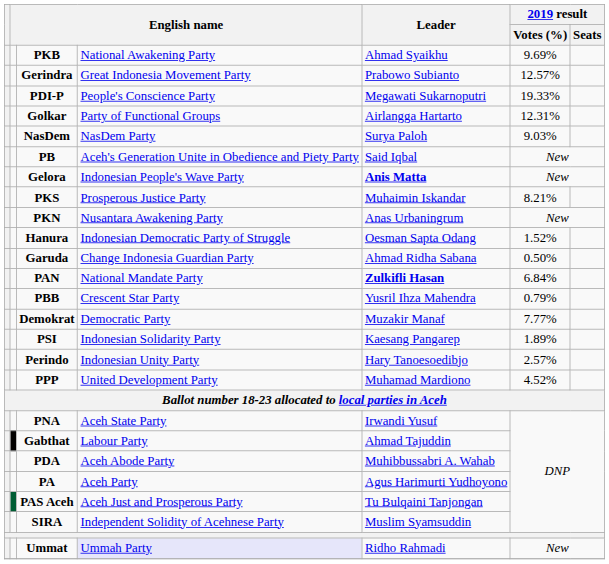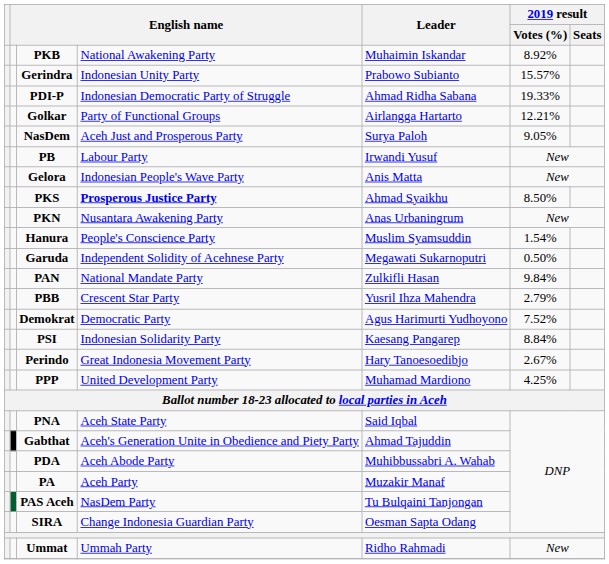 <table class="wikitable" style="text-align:left">
 <tr>
 <th rowspan="2"></th>
 <th colspan="3" rowspan="2">English name<br></th>
 <th rowspan="2">Leader</th>
 <th colspan="2"><a href='#'>2019</a> result</th>
 </tr>
 <tr>
 <th>Votes (%)</th>
 <th>Seats</th>
 </tr>
 <tr>
 <th></th>
 <td style="background:"></td>
 <td style="text-align:center"><strong>PKB</strong></td>
 <td><a href='#'>National Awakening Party</a><br></td>
-<td><a href='#'>Ahmad Syaikhu</a></td>
-<td style="text-align:center">9.69%</td>
+<td><a href='#'>Muhaimin Iskandar</a></td>
+<td style="text-align:center">8.92%</td>
 <td></td>
 </tr>
 <tr>
 <th></th>
 <td style="background:"></td>
 <td style="text-align:center"><strong>Gerindra</strong></td>
-<td><a href='#'>Great Indonesia Movement Party</a><br></td>
+<td><a href='#'>Indonesian Unity Party</a><br></td>
 <td><a href='#'>Prabowo Subianto</a></td>
-<td style="text-align:center">12.57%</td>
+<td style="text-align:center">15.57%</td>
 <td></td>
 </tr>
 <tr>
 <th></th>
 <td style="background:"></td>
 <td style="text-align:center"><strong>PDI-P</strong></td>
-<td><a href='#'>People's Conscience Party</a><br></td>
-<td><a href='#'>Megawati Sukarnoputri</a></td>
+<td><a href='#'>Indonesian Democratic Party of Struggle</a><br></td>
+<td><a href='#'>Ahmad Ridha Sabana</a></td>
 <td style="text-align:center">19.33%</td>
 <td></td>
 </tr>
 <tr>
 <th></th>
 <td style="background:"></td>
 <td style="text-align:center"><strong>Golkar</strong></td>
 <td><a href='#'>Party of Functional Groups</a><br></td>
 <td><a href='#'>Airlangga Hartarto</a></td>
-<td style="text-align:center">12.31%</td>
+<td style="text-align:center">12.21%</td>
 <td></td>
 </tr>
 <tr>
 <th></th>
 <td style="background:"></td>
 <td style="text-align:center"><strong>NasDem</strong></td>
-<td><a href='#'>NasDem Party</a><br></td>
+<td><a href='#'>Aceh Just and Prosperous Party</a><br></td>
 <td><a href='#'>Surya Paloh</a></td>
-<td style="text-align:center">9.03%</td>
+<td style="text-align:center">9.05%</td>
 <td></td>
 </tr>
 <tr>
 <th></th>
 <td style="background:"></td>
 <td style="text-align:center"><strong>PB</strong></td>
-<td><a href='#'>Aceh's Generation Unite in Obedience and Piety Party</a><br></td>
-<td><a href='#'>Said Iqbal</a></td>
+<td><a href='#'>Labour Party</a><br></td>
+<td><a href='#'>Irwandi Yusuf</a></td>
 <td style="text-align:center" colspan="2"><em>New</em></td>
 </tr>
 <tr>
 <th></th>
 <td style="background:"></td>
 <td style="text-align:center"><strong>Gelora</strong></td>
 <td><a href='#'>Indonesian People's Wave Party</a><br></td>
-<td><strong><a href='#'>Anis Matta</a></strong></td>
+<td><a href='#'>Anis Matta</a></td>
 <td style="text-align:center" colspan="2"><em>New</em></td>
 </tr>
 <tr>
 <th></th>
 <td style="background:"></td>
 <td style="text-align:center"><strong>PKS</strong></td>
-<td><a href='#'>Prosperous Justice Party</a><br></td>
-<td><a href='#'>Muhaimin Iskandar</a></td>
-<td style="text-align:center">8.21%</td>
+<td><strong><a href='#'>Prosperous Justice Party</a><br></strong></td>
+<td><a href='#'>Ahmad Syaikhu</a></td>
+<td style="text-align:center">8.50%</td>
 <td></td>
 </tr>
 <tr>
 <th></th>
 <td style="background:"></td>
 <td style="text-align:center"><strong>PKN</strong></td>
 <td><a href='#'>Nusantara Awakening Party</a><br></td>
 <td><a href='#'>Anas Urbaningrum</a></td>
 <td style="text-align:center" colspan="2"><em>New</em></td>
 </tr>
 <tr>
 <th></th>
 <td style="background:"></td>
 <td style="text-align:center"><strong>Hanura</strong></td>
-<td><a href='#'>Indonesian Democratic Party of Struggle</a><br></td>
-<td><a href='#'>Oesman Sapta Odang</a></td>
-<td style="text-align:center">1.52%</td>
+<td><a href='#'>People's Conscience Party</a><br></td>
+<td><a href='#'>Muslim Syamsuddin</a></td>
+<td style="text-align:center">1.54%</td>
 <td></td>
 </tr>
 <tr>
 <th></th>
 <td style="background:"></td>
 <td style="text-align:center"><strong>Garuda</strong></td>
-<td><a href='#'>Change Indonesia Guardian Party</a><br></td>
-<td><a href='#'>Ahmad Ridha Sabana</a></td>
+<td><a href='#'>Independent Solidity of Acehnese Party</a><br></td>
+<td><a href='#'>Megawati Sukarnoputri</a></td>
 <td style="text-align:center">0.50%</td>
 <td></td>
 </tr>
 <tr>
 <th></th>
 <td style="background:"></td>
 <td style="text-align:center"><strong>PAN</strong></td>
 <td><a href='#'>National Mandate Party</a><br></td>
-<td><strong><a href='#'>Zulkifli Hasan</a></strong></td>
-<td style="text-align:center">6.84%</td>
+<td><a href='#'>Zulkifli Hasan</a></td>
+<td style="text-align:center">9.84%</td>
 <td></td>
 </tr>
 <tr>
 <th></th>
 <td style="background:"></td>
 <td style="text-align:center"><strong>PBB</strong></td>
 <td><a href='#'>Crescent Star Party</a><br></td>
 <td><a href='#'>Yusril Ihza Mahendra</a></td>
-<td style="text-align:center">0.79%</td>
+<td style="text-align:center">2.79%</td>
 <td></td>
 </tr>
 <tr>
 <th></th>
 <td style="background:"></td>
 <td style="text-align:center"><strong>Demokrat</strong></td>
 <td><a href='#'>Democratic Party</a><br></td>
-<td><a href='#'>Muzakir Manaf</a></td>
-<td style="text-align:center">7.77%</td>
+<td><a href='#'>Agus Harimurti Yudhoyono</a></td>
+<td style="text-align:center">7.52%</td>
 <td></td>
 </tr>
 <tr>
 <th></th>
 <td style="background:"></td>
 <td style="text-align:center"><strong>PSI</strong></td>
 <td><a href='#'>Indonesian Solidarity Party</a><br></td>
 <td><a href='#'>Kaesang Pangarep</a></td>
-<td style="text-align:center">1.89%</td>
+<td style="text-align:center">8.84%</td>
 <td></td>
 </tr>
 <tr>
 <th></th>
 <td style="background:"></td>
 <td style="text-align:center"><strong>Perindo</strong></td>
-<td><a href='#'>Indonesian Unity Party</a><br></td>
+<td><a href='#'>Great Indonesia Movement Party</a><br></td>
 <td><a href='#'>Hary Tanoesoedibjo</a></td>
-<td style="text-align:center">2.57%</td>
+<td style="text-align:center">2.67%</td>
 <td></td>
 </tr>
 <tr>
 <th></th>
 <td style="background:"></td>
 <td style="text-align:center"><strong>PPP</strong></td>
 <td><a href='#'>United Development Party</a><br></td>
 <td><a href='#'>Muhamad Mardiono</a></td>
-<td style="text-align:center">4.52%</td>
+<td style="text-align:center">4.25%</td>
 <td></td>
 </tr>
 <tr>
 <th colspan=9><em>Ballot number 18-23 allocated to <a href='#'>local parties in Aceh</a></em></th>
 </tr>
 <tr>
 <th></th>
 <td style="background:"></td>
 <td style="text-align:center"><strong>PNA</strong></td>
 <td><a href='#'>Aceh State Party</a><br></td>
-<td><a href='#'>Irwandi Yusuf</a></td>
+<td><a href='#'>Said Iqbal</a></td>
 <td style="text-align:center" colspan="2" rowspan=6><em>DNP</em></td>
 </tr>
 <tr>
 <th></th>
 <td style="background:#020100"></td>
 <td style="text-align:center"><strong>Gabthat</strong></td>
-<td><a href='#'>Labour Party</a><br></td>
+<td><a href='#'>Aceh's Generation Unite in Obedience and Piety Party</a><br></td>
 <td><a href='#'>Ahmad Tajuddin</a></td>
 </tr>
 <tr>
 <th></th>
 <td style="background:"></td>
 <td style="text-align:center"><strong>PDA</strong></td>
 <td><a href='#'>Aceh Abode Party</a><br></td>
 <td><a href='#'>Muhibbussabri A. Wahab</a></td>
 </tr>
 <tr>
 <th></th>
 <td style="background:"></td>
 <td style="text-align:center"><strong>PA</strong></td>
 <td><a href='#'>Aceh Party</a><br></td>
-<td><a href='#'>Agus Harimurti Yudhoyono</a></td>
+<td><a href='#'>Muzakir Manaf</a></td>
 </tr>
 <tr>
 <th></th>
 <td style="background:#005D34"></td>
 <td style="text-align:center"><strong>PAS Aceh</strong></td>
-<td><a href='#'>Aceh Just and Prosperous Party</a><br></td>
+<td><a href='#'>NasDem Party</a><br></td>
 <td><a href='#'>Tu Bulqaini Tanjongan</a></td>
 </tr>
 <tr>
 <th></th>
 <td style="background:"></td>
 <td style="text-align:center"><strong>SIRA</strong></td>
-<td><a href='#'>Independent Solidity of Acehnese Party</a><br></td>
-<td><a href='#'>Muslim Syamsuddin</a></td>
+<td><a href='#'>Change Indonesia Guardian Party</a><br></td>
+<td><a href='#'>Oesman Sapta Odang</a></td>
 </tr>
 <tr>
 <th colspan=9></th>
 </tr>
 <tr>
 <th></th>
 <td style="background:"></td>
 <td style="text-align:center"><strong>Ummat</strong></td>
-<td style="background: lavender;"><a href='#'>Ummah Party</a><br></td>
+<td><a href='#'>Ummah Party</a><br></td>
 <td><a href='#'>Ridho Rahmadi</a></td>
 <td style="text-align:center" colspan="2"><em>New</em></td>
 </tr>
 <tr>
 </tr>
 </table>
